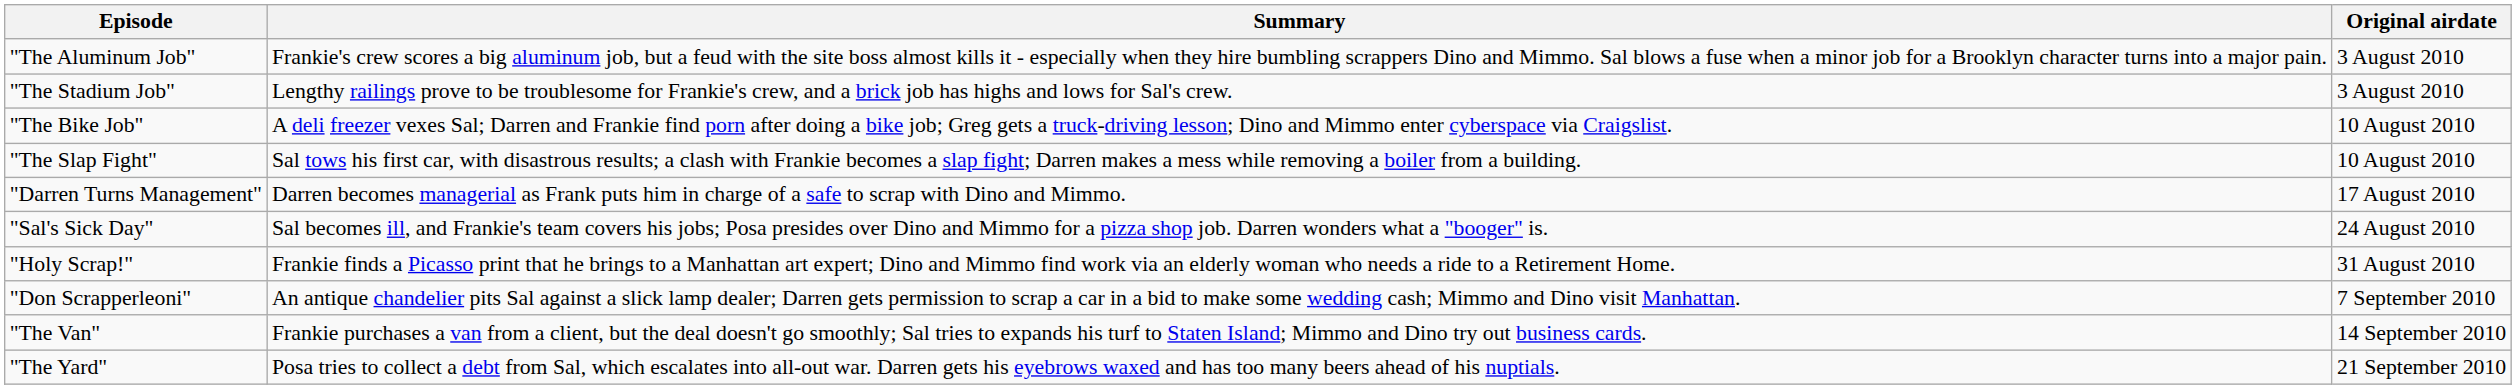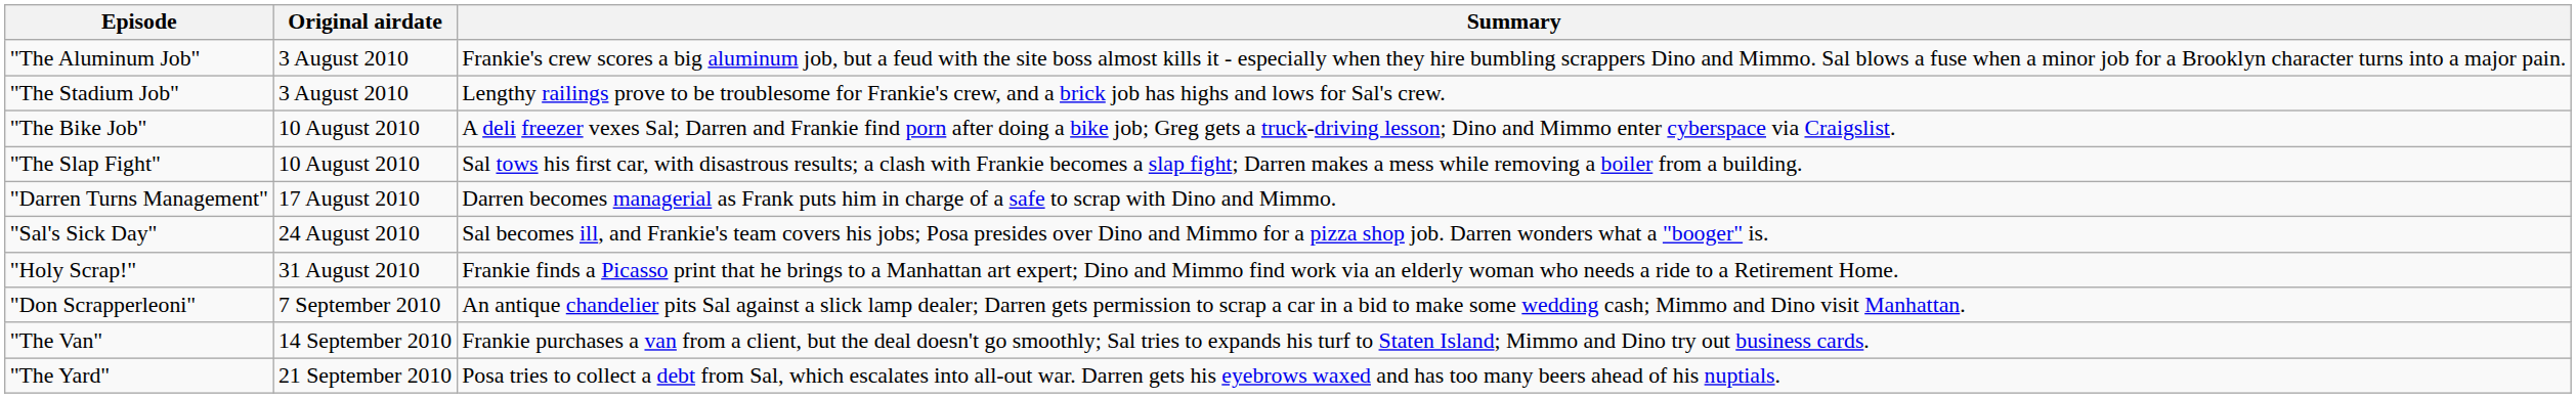 <table class="wikitable sortable">
 <tr>
 <th>Episode</th>
+<th>Original airdate</th>
 <th>Summary</th>
-<th>Original airdate</th>
 </tr>
 <tr>
 <td>"The Aluminum Job"</td>
+<td>3 August 2010</td>
 <td>Frankie's crew scores a big <a href='#'>aluminum</a> job, but a feud with the site boss almost kills it - especially when they hire bumbling scrappers Dino and Mimmo. Sal blows a fuse when a minor job for a Brooklyn character turns into a major pain.</td>
-<td>3 August 2010</td>
 </tr>
 <tr>
 <td>"The Stadium Job"</td>
+<td>3 August 2010</td>
 <td>Lengthy <a href='#'>railings</a> prove to be troublesome for Frankie's crew, and a <a href='#'>brick</a> job has highs and lows for Sal's crew.</td>
-<td>3 August 2010</td>
 </tr>
 <tr>
 <td>"The Bike Job"</td>
+<td>10 August 2010</td>
 <td>A <a href='#'>deli</a> <a href='#'>freezer</a> vexes Sal; Darren and Frankie find <a href='#'>porn</a> after doing a <a href='#'>bike</a> job; Greg gets a <a href='#'>truck</a>-<a href='#'>driving lesson</a>; Dino and Mimmo enter <a href='#'>cyberspace</a> via <a href='#'>Craigslist</a>.</td>
-<td>10 August 2010</td>
 </tr>
 <tr>
 <td>"The Slap Fight"</td>
+<td>10 August 2010</td>
 <td>Sal <a href='#'>tows</a> his first car, with disastrous results; a clash with Frankie becomes a <a href='#'>slap fight</a>; Darren makes a mess while removing a <a href='#'>boiler</a> from a building.</td>
-<td>10 August 2010</td>
 </tr>
 <tr>
 <td style=white-space:nowrap>"Darren Turns Management"</td>
+<td>17 August 2010</td>
 <td>Darren becomes <a href='#'>managerial</a> as Frank puts him in charge of a <a href='#'>safe</a> to scrap with Dino and Mimmo.</td>
-<td>17 August 2010</td>
 </tr>
 <tr>
 <td>"Sal's Sick Day"</td>
+<td>24 August 2010</td>
 <td>Sal becomes <a href='#'>ill</a>, and Frankie's team covers his jobs; Posa presides over Dino and Mimmo for a <a href='#'>pizza shop</a> job. Darren wonders what a <a href='#'>"booger"</a> is.</td>
-<td>24 August 2010</td>
 </tr>
 <tr>
 <td>"Holy Scrap!"</td>
+<td>31 August 2010</td>
 <td>Frankie finds a <a href='#'>Picasso</a> print that he brings to a Manhattan art expert; Dino and Mimmo find work via an elderly woman who needs a ride to a Retirement Home.</td>
-<td>31 August 2010</td>
 </tr>
 <tr>
 <td>"Don Scrapperleoni"</td>
+<td>7 September 2010</td>
 <td>An antique <a href='#'>chandelier</a> pits Sal against a slick lamp dealer; Darren gets permission to scrap a car in a bid to make some <a href='#'>wedding</a> cash; Mimmo and Dino visit <a href='#'>Manhattan</a>.</td>
-<td>7 September 2010</td>
 </tr>
 <tr>
 <td>"The Van"</td>
+<td>14 September 2010</td>
 <td>Frankie purchases a <a href='#'>van</a> from a client, but the deal doesn't go smoothly; Sal tries to expands his turf to <a href='#'>Staten Island</a>; Mimmo and Dino try out <a href='#'>business cards</a>.</td>
-<td>14 September 2010</td>
 </tr>
 <tr>
 <td>"The Yard"</td>
+<td style=white-space:nowrap>21 September 2010</td>
 <td>Posa tries to collect a <a href='#'>debt</a> from Sal, which escalates into all-out war. Darren gets his <a href='#'>eyebrows waxed</a> and has too many beers ahead of his <a href='#'>nuptials</a>.</td>
-<td style=white-space:nowrap>21 September 2010</td>
 </tr>
 </table>
